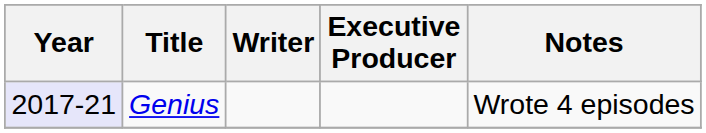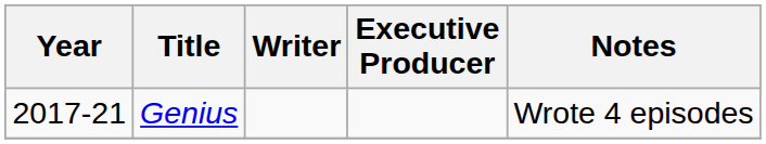 <table class="wikitable">
 <tr>
 <th>Year</th>
 <th>Title</th>
 <th>Writer</th>
 <th>Executive<br>Producer</th>
 <th>Notes</th>
 </tr>
 <tr>
-<td style="background: lavender;">2017-21</td>
+<td>2017-21</td>
 <td><em><a href='#'>Genius</a></em></td>
 <td></td>
 <td></td>
 <td>Wrote 4 episodes</td>
 </tr>
 <tr>
 </tr>
 </table>
